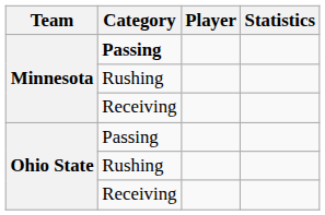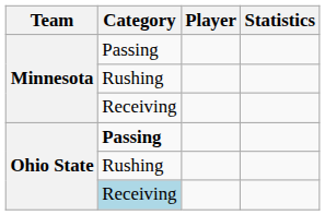 <table class="wikitable" style="float:right">
 <tr>
 <th>Team</th>
 <th>Category</th>
 <th>Player</th>
 <th>Statistics</th>
 </tr>
 <tr>
 <th rowspan=3>Minnesota</th>
-<td><strong>Passing</strong></td>
+<td>Passing</td>
 <td></td>
 <td></td>
 </tr>
 <tr>
 <td>Rushing</td>
 <td></td>
 <td></td>
 </tr>
 <tr>
 <td>Receiving</td>
 <td></td>
 <td></td>
 </tr>
 <tr>
 <th rowspan=3>Ohio State</th>
-<td>Passing</td>
+<td><strong>Passing</strong></td>
 <td></td>
 <td></td>
 </tr>
 <tr>
 <td>Rushing</td>
 <td></td>
 <td></td>
 </tr>
 <tr>
-<td>Receiving</td>
+<td style="background: lightblue;">Receiving</td>
 <td></td>
 <td></td>
 </tr>
 </table>
